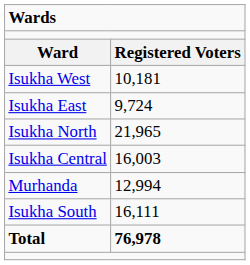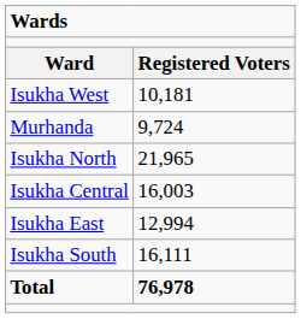 <table class="wikitable">
 <tr>
 <td colspan="2"><strong>Wards</strong></td>
 </tr>
 <tr>
 <td colspan="2"></td>
 </tr>
 <tr>
 <th>Ward</th>
 <th>Registered Voters</th>
 </tr>
 <tr>
 <td><a href='#'>Isukha West</a></td>
 <td>10,181</td>
 </tr>
 <tr>
-<td><a href='#'>Isukha East</a></td>
+<td><a href='#'>Murhanda</a></td>
 <td>9,724</td>
 </tr>
 <tr>
 <td><a href='#'>Isukha North</a></td>
 <td>21,965</td>
 </tr>
 <tr>
 <td><a href='#'>Isukha Central</a></td>
 <td>16,003</td>
 </tr>
 <tr>
-<td><a href='#'>Murhanda</a></td>
+<td><a href='#'>Isukha East</a></td>
 <td>12,994</td>
 </tr>
 <tr>
 <td><a href='#'>Isukha South</a></td>
 <td>16,111</td>
 </tr>
 <tr>
 <td><strong>Total</strong></td>
 <td><strong>76,978</strong></td>
 </tr>
 <tr>
 <td colspan="2"></td>
 </tr>
 </table>
